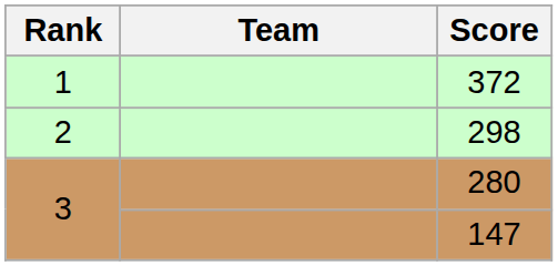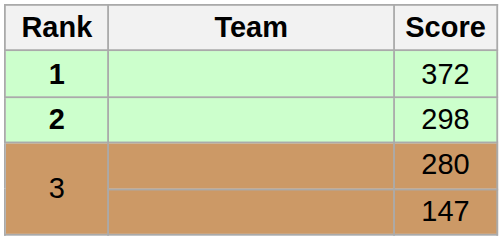 <table class="wikitable" style="text-align: center;">
 <tr>
 <th width=50>Rank</th>
 <th width=150>Team</th>
 <th width=50>Score</th>
 </tr>
 <tr bgcolor=#ccffcc>
-<td>1</td>
+<td><strong>1</strong></td>
 <td style="text-align:left;"></td>
 <td>372</td>
 </tr>
 <tr bgcolor=#ccffcc>
-<td>2</td>
+<td><strong>2</strong></td>
 <td style="text-align:left;"></td>
 <td>298</td>
 </tr>
 <tr bgcolor=#cc9966>
 <td rowspan=2>3</td>
 <td style="text-align:left;"></td>
 <td>280</td>
 </tr>
 <tr bgcolor=#cc9966>
 <td style="text-align:left;"></td>
 <td>147</td>
 </tr>
 </table>
